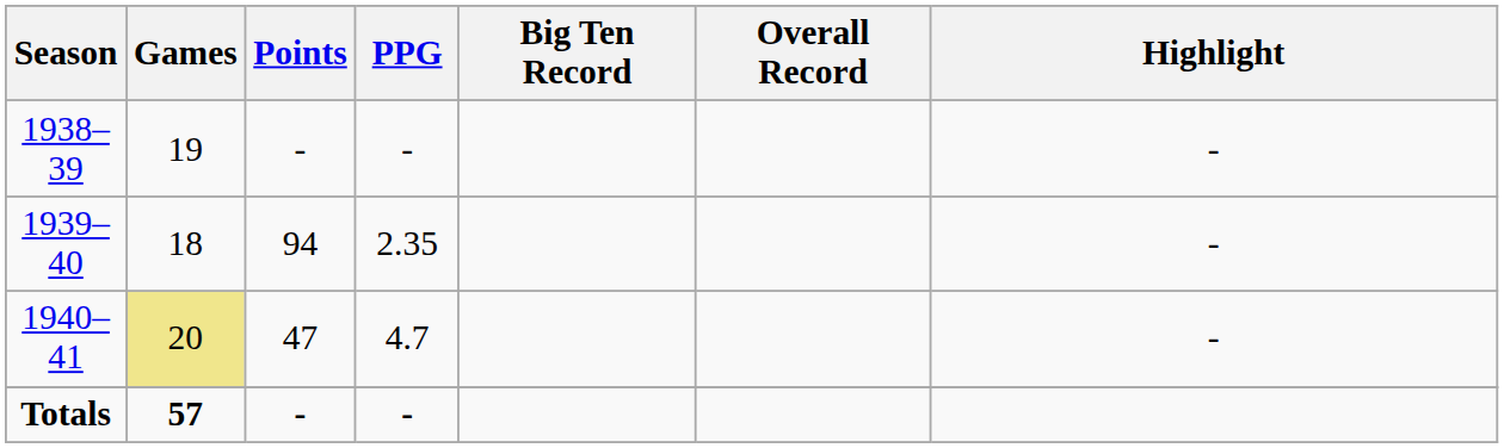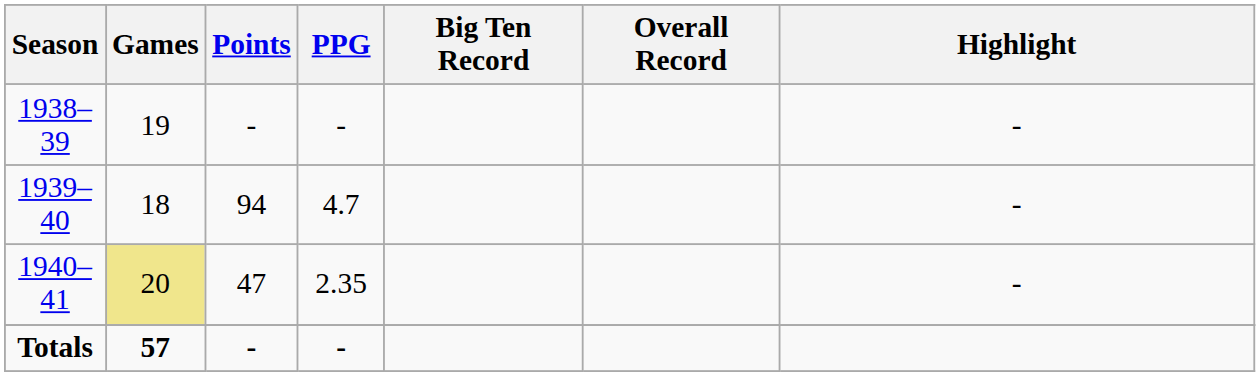 <table class="wikitable sortable" style="text-align:center">
 <tr>
 <th width=40px>Season</th>
 <th width=40px>Games</th>
 <th width=40px><a href='#'>Points</a></th>
 <th width=40px><a href='#'>PPG</a></th>
 <th width=100px>Big Ten <br>Record</th>
 <th width=100px>Overall <br>Record</th>
 <th width=250px>Highlight</th>
 </tr>
 <tr>
 <td><a href='#'>1938–39</a></td>
 <td>19</td>
 <td>-</td>
 <td>-</td>
 <td></td>
 <td></td>
 <td>-</td>
 </tr>
 <tr>
 <td><a href='#'>1939–40</a></td>
 <td>18</td>
 <td>94</td>
-<td>2.35</td>
+<td>4.7</td>
 <td></td>
 <td></td>
 <td>-</td>
 </tr>
 <tr>
 <td><a href='#'>1940–41</a></td>
 <td style="background: khaki;">20</td>
 <td>47</td>
-<td>4.7</td>
+<td>2.35</td>
 <td></td>
 <td></td>
 <td>-</td>
 </tr>
 <tr>
 </tr>
 <tr class="sortbottom">
 <td><strong>Totals</strong></td>
 <td><strong>57</strong></td>
 <td><strong>-</strong></td>
 <td><strong>-</strong></td>
 <td><strong></strong></td>
 <td><strong></strong></td>
 <td></td>
 </tr>
 </table>
